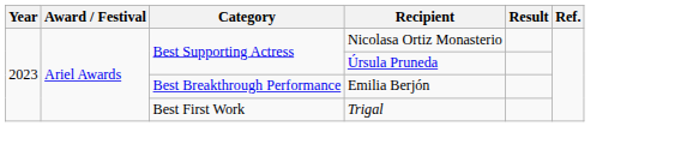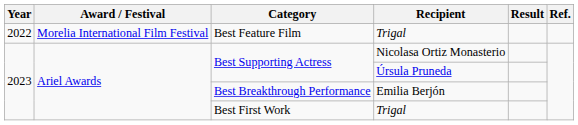 <table class="wikitable">
 <tr>
 <th>Year</th>
 <th>Award / Festival</th>
 <th>Category</th>
 <th>Recipient</th>
 <th>Result</th>
 <th>Ref.</th>
+</tr>
+<tr>
+<td>2022</td>
+<td><a href='#'>Morelia International Film Festival</a></td>
+<td>Best Feature Film</td>
+<td><em>Trigal</em></td>
+<td></td>
+<td></td>
 </tr>
 <tr>
 <td rowspan="4">2023</td>
 <td rowspan="4"><a href='#'>Ariel Awards</a></td>
 <td rowspan="2"><a href='#'>Best Supporting Actress</a></td>
 <td>Nicolasa Ortiz Monasterio</td>
 <td></td>
 <td rowspan="4"></td>
 </tr>
 <tr>
 <td><a href='#'>Úrsula Pruneda</a></td>
 <td></td>
 </tr>
 <tr>
 <td><a href='#'>Best Breakthrough Performance</a></td>
 <td>Emilia Berjón</td>
 <td></td>
 </tr>
 <tr>
 <td>Best First Work</td>
 <td><em>Trigal</em></td>
 <td></td>
 </tr>
 </table>
